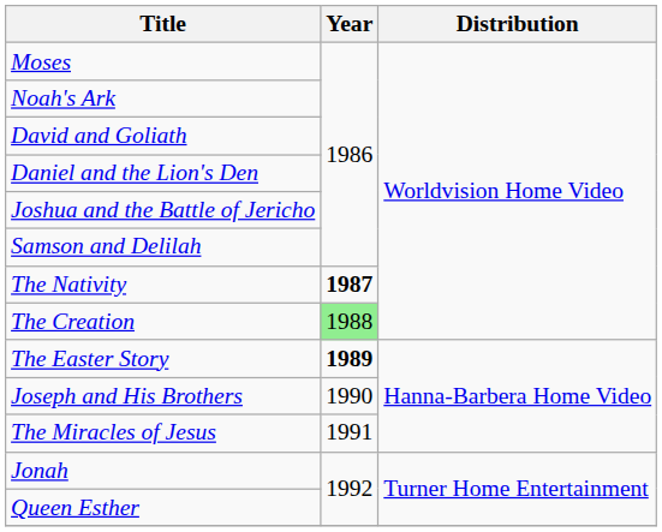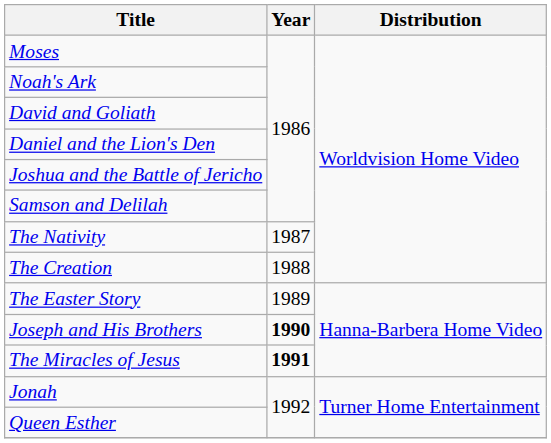 <table class="wikitable sortable">
 <tr>
 <th><strong>Title</strong></th>
 <th><strong>Year</strong></th>
 <th><strong>Distribution</strong></th>
 </tr>
 <tr>
 <td><em><a href='#'>Moses</a></em></td>
 <td rowspan="6">1986</td>
 <td rowspan="8"><a href='#'>Worldvision Home Video</a></td>
 </tr>
 <tr>
 <td><em><a href='#'>Noah's Ark</a></em></td>
 </tr>
 <tr>
 <td><em><a href='#'>David and Goliath</a></em></td>
 </tr>
 <tr>
 <td><em><a href='#'>Daniel and the Lion's Den</a></em></td>
 </tr>
 <tr>
 <td><em><a href='#'>Joshua and the Battle of Jericho</a></em></td>
 </tr>
 <tr>
 <td><em><a href='#'>Samson and Delilah</a></em></td>
 </tr>
 <tr>
 <td><em><a href='#'>The Nativity</a></em></td>
-<td><strong>1987</strong></td>
+<td>1987</td>
 </tr>
 <tr>
 <td><em><a href='#'>The Creation</a></em></td>
-<td style="background: lightgreen;">1988</td>
+<td>1988</td>
 </tr>
 <tr>
 <td><em><a href='#'>The Easter Story</a></em></td>
-<td><strong>1989</strong></td>
+<td>1989</td>
 <td rowspan="3"><a href='#'>Hanna-Barbera Home Video</a></td>
 </tr>
 <tr>
 <td><em><a href='#'>Joseph and His Brothers</a></em></td>
-<td>1990</td>
+<td><strong>1990</strong></td>
 </tr>
 <tr>
 <td><em><a href='#'>The Miracles of Jesus</a></em></td>
-<td>1991</td>
+<td><strong>1991</strong></td>
 </tr>
 <tr>
 <td><em><a href='#'>Jonah</a></em></td>
 <td rowspan="2">1992</td>
 <td rowspan="2"><a href='#'>Turner Home Entertainment</a></td>
 </tr>
 <tr>
 <td><em><a href='#'>Queen Esther</a></em></td>
 </tr>
 <tr>
 </tr>
 </table>
